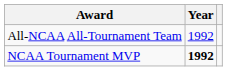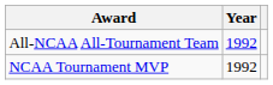 <table class="wikitable">
 <tr>
 <th>Award</th>
 <th>Year</th>
 <th></th>
 </tr>
 <tr>
 <td>All-<a href='#'>NCAA</a> <a href='#'>All-Tournament Team</a></td>
 <td><a href='#'>1992</a></td>
 <td></td>
 </tr>
 <tr>
 <td><a href='#'>NCAA Tournament MVP</a></td>
-<td><strong>1992</strong></td>
+<td>1992</td>
 </tr>
 </table>
